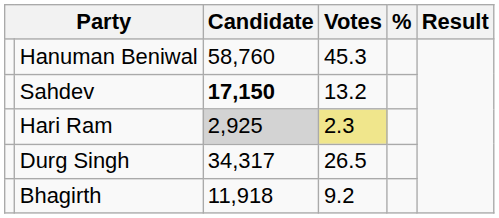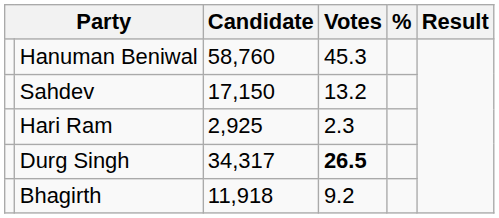 <table class="wikitable">
 <tr>
 <th colspan=2>Party</th>
 <th>Candidate</th>
 <th>Votes</th>
 <th>%</th>
 <th>Result</th>
 </tr>
 <tr>
 <td></td>
 <td>Hanuman Beniwal</td>
 <td>58,760</td>
 <td>45.3</td>
 <td></td>
 </tr>
 <tr>
 <td></td>
 <td>Sahdev</td>
-<td><strong>17,150</strong></td>
+<td>17,150</td>
 <td>13.2</td>
 <td></td>
 </tr>
 <tr>
 <td></td>
 <td>Hari Ram</td>
-<td style="background: lightgrey;">2,925</td>
-<td style="background: khaki;">2.3</td>
+<td>2,925</td>
+<td>2.3</td>
 <td></td>
 </tr>
 <tr>
 <td></td>
 <td>Durg Singh</td>
 <td>34,317</td>
-<td>26.5</td>
+<td><strong>26.5</strong></td>
 <td></td>
 </tr>
 <tr>
 <td></td>
 <td>Bhagirth</td>
 <td>11,918</td>
 <td>9.2</td>
 <td></td>
 </tr>
 </table>
